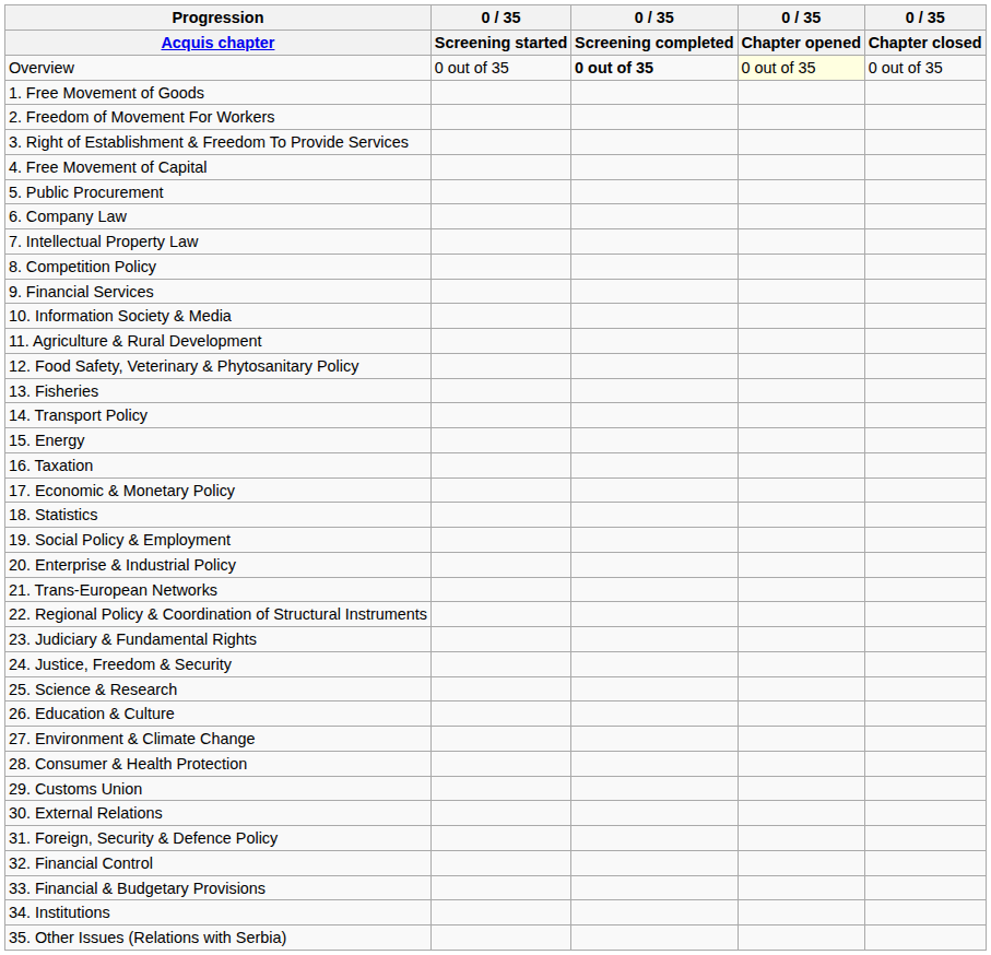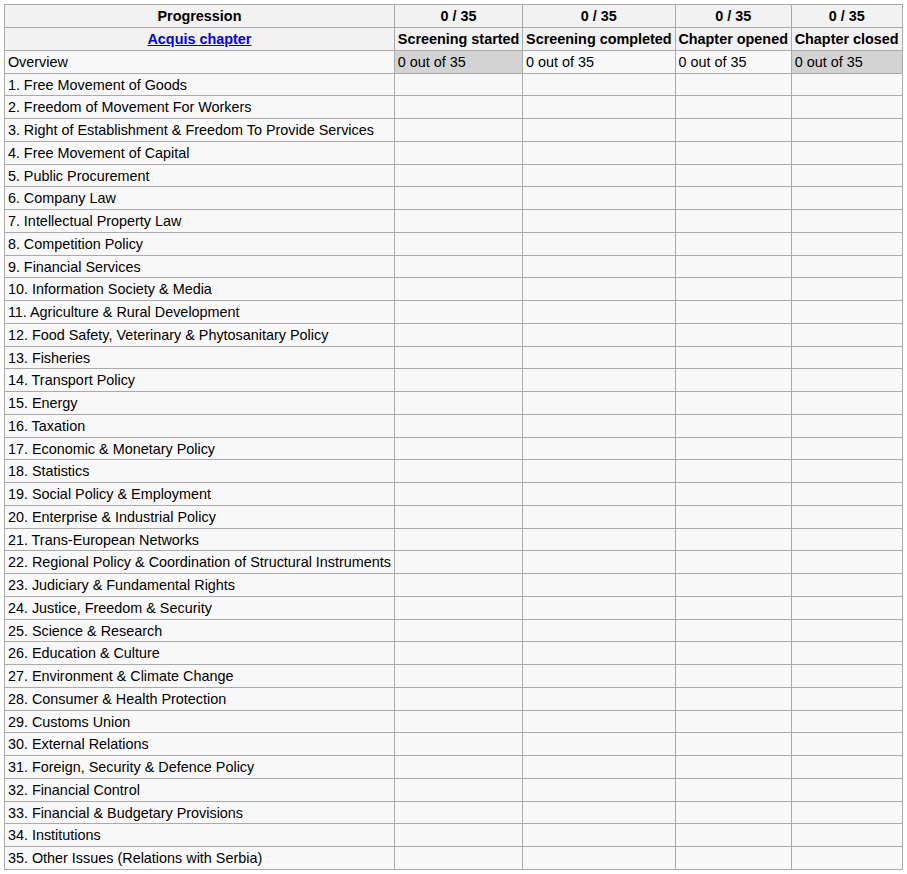 <table class="wikitable mw-collapsible mw-collapsed" style="text-align:left; font-size: 0.9em;">
 <tr>
 <th>Progression</th>
 <th>0 / 35</th>
 <th>0 / 35</th>
 <th>0 / 35</th>
 <th>0 / 35</th>
 </tr>
 <tr>
 <th><a href='#'>Acquis chapter</a></th>
 <th>Screening started</th>
 <th>Screening completed</th>
 <th>Chapter opened</th>
 <th>Chapter closed</th>
 </tr>
 <tr>
 <td style="text-align:left;">Overview</td>
+<td style="background: lightgrey;">0 out of 35</td>
 <td>0 out of 35</td>
-<td><strong>0 out of 35</strong></td>
-<td style="background: lightyellow;">0 out of 35</td>
 <td>0 out of 35</td>
+<td style="background: lightgrey;">0 out of 35</td>
 </tr>
 <tr>
 <td style="text-align:left;">1. Free Movement of Goods</td>
 <td></td>
 <td></td>
 <td></td>
 <td></td>
 </tr>
 <tr>
 <td style="text-align:left;">2. Freedom of Movement For Workers</td>
 <td></td>
 <td></td>
 <td></td>
 <td></td>
 </tr>
 <tr>
 <td style="text-align:left;">3. Right of Establishment & Freedom To Provide Services</td>
 <td></td>
 <td></td>
 <td></td>
 <td></td>
 </tr>
 <tr>
 <td style="text-align:left;">4. Free Movement of Capital</td>
 <td></td>
 <td></td>
 <td></td>
 <td></td>
 </tr>
 <tr>
 <td style="text-align:left;">5. Public Procurement</td>
 <td></td>
 <td></td>
 <td></td>
 <td></td>
 </tr>
 <tr>
 <td style="text-align:left;">6. Company Law</td>
 <td></td>
 <td></td>
 <td></td>
 <td></td>
 </tr>
 <tr>
 <td style="text-align:left;">7. Intellectual Property Law</td>
 <td></td>
 <td></td>
 <td></td>
 <td></td>
 </tr>
 <tr>
 <td style="text-align:left;">8. Competition Policy</td>
 <td></td>
 <td></td>
 <td></td>
 <td></td>
 </tr>
 <tr>
 <td style="text-align:left;">9. Financial Services</td>
 <td></td>
 <td></td>
 <td></td>
 <td></td>
 </tr>
 <tr>
 <td style="text-align:left;">10. Information Society & Media</td>
 <td></td>
 <td></td>
 <td></td>
 <td></td>
 </tr>
 <tr>
 <td style="text-align:left;">11. Agriculture & Rural Development</td>
 <td></td>
 <td></td>
 <td></td>
 <td></td>
 </tr>
 <tr>
 <td style="text-align:left;">12. Food Safety, Veterinary & Phytosanitary Policy</td>
 <td></td>
 <td></td>
 <td></td>
 <td></td>
 </tr>
 <tr>
 <td style="text-align:left;">13. Fisheries</td>
 <td></td>
 <td></td>
 <td></td>
 <td></td>
 </tr>
 <tr>
 <td style="text-align:left;">14. Transport Policy</td>
 <td></td>
 <td></td>
 <td></td>
 <td></td>
 </tr>
 <tr>
 <td style="text-align:left;">15. Energy</td>
 <td></td>
 <td></td>
 <td></td>
 <td></td>
 </tr>
 <tr>
 <td style="text-align:left;">16. Taxation</td>
 <td></td>
 <td></td>
 <td></td>
 <td></td>
 </tr>
 <tr>
 <td style="text-align:left;">17. Economic & Monetary Policy</td>
 <td></td>
 <td></td>
 <td></td>
 <td></td>
 </tr>
 <tr>
 <td style="text-align:left;">18. Statistics</td>
 <td></td>
 <td></td>
 <td></td>
 <td></td>
 </tr>
 <tr>
 <td style="text-align:left;">19. Social Policy & Employment</td>
 <td></td>
 <td></td>
 <td></td>
 <td></td>
 </tr>
 <tr>
 <td style="text-align:left;">20. Enterprise & Industrial Policy</td>
 <td></td>
 <td></td>
 <td></td>
 <td></td>
 </tr>
 <tr>
 <td style="text-align:left;">21. Trans-European Networks</td>
 <td></td>
 <td></td>
 <td></td>
 <td></td>
 </tr>
 <tr>
 <td style="text-align:left;">22. Regional Policy & Coordination of Structural Instruments</td>
 <td></td>
 <td></td>
 <td></td>
 <td></td>
 </tr>
 <tr>
 <td style="text-align:left;">23. Judiciary & Fundamental Rights</td>
 <td></td>
 <td></td>
 <td></td>
 <td></td>
 </tr>
 <tr>
 <td style="text-align:left;">24. Justice, Freedom & Security</td>
 <td></td>
 <td></td>
 <td></td>
 <td></td>
 </tr>
 <tr>
 <td style="text-align:left;">25. Science & Research</td>
 <td></td>
 <td></td>
 <td></td>
 <td></td>
 </tr>
 <tr>
 <td style="text-align:left;">26. Education & Culture</td>
 <td></td>
 <td></td>
 <td></td>
 <td></td>
 </tr>
 <tr>
 <td style="text-align:left;">27. Environment & Climate Change</td>
 <td></td>
 <td></td>
 <td></td>
 <td></td>
 </tr>
 <tr>
 <td style="text-align:left;">28. Consumer & Health Protection</td>
 <td></td>
 <td></td>
 <td></td>
 <td></td>
 </tr>
 <tr>
 <td style="text-align:left;">29. Customs Union</td>
 <td></td>
 <td></td>
 <td></td>
 <td></td>
 </tr>
 <tr>
 <td style="text-align:left;">30. External Relations</td>
 <td></td>
 <td></td>
 <td></td>
 <td></td>
 </tr>
 <tr>
 <td style="text-align:left;">31. Foreign, Security & Defence Policy</td>
 <td></td>
 <td></td>
 <td></td>
 <td></td>
 </tr>
 <tr>
 <td style="text-align:left;">32. Financial Control</td>
 <td></td>
 <td></td>
 <td></td>
 <td></td>
 </tr>
 <tr>
 <td style="text-align:left;">33. Financial & Budgetary Provisions</td>
 <td></td>
 <td></td>
 <td></td>
 <td></td>
 </tr>
 <tr>
 <td style="text-align:left;">34. Institutions</td>
 <td></td>
 <td></td>
 <td></td>
 <td></td>
 </tr>
 <tr>
 <td style="text-align:left;">35. Other Issues (Relations with Serbia)</td>
 <td></td>
 <td></td>
 <td></td>
 <td></td>
 </tr>
 <tr>
 </tr>
 </table>
